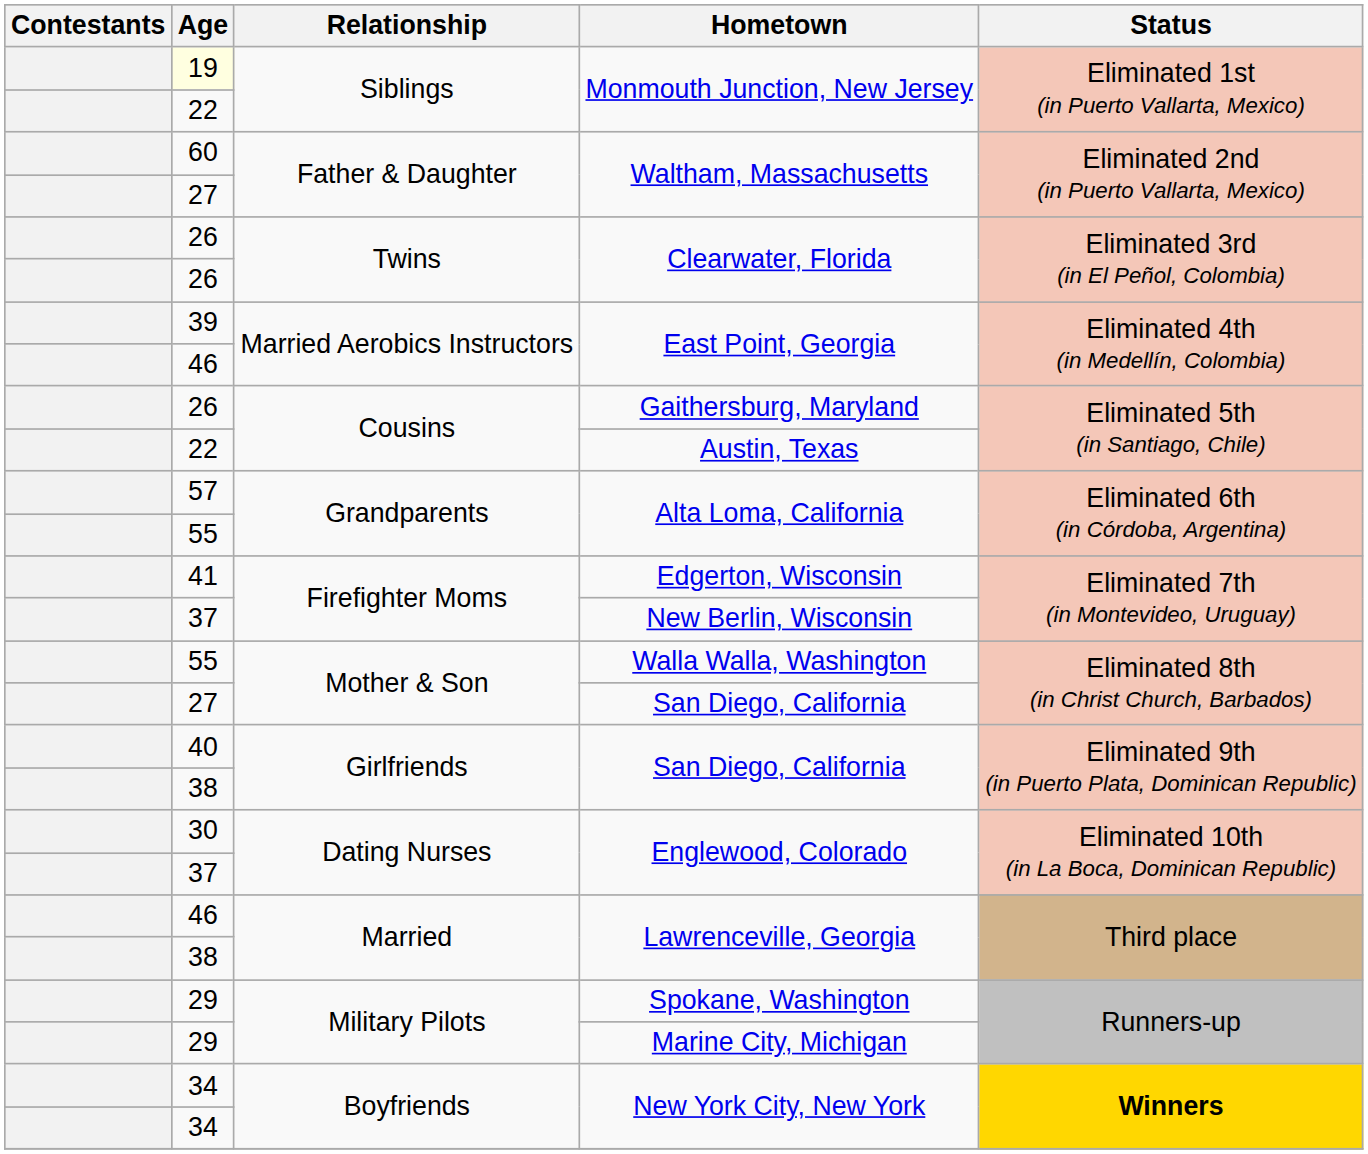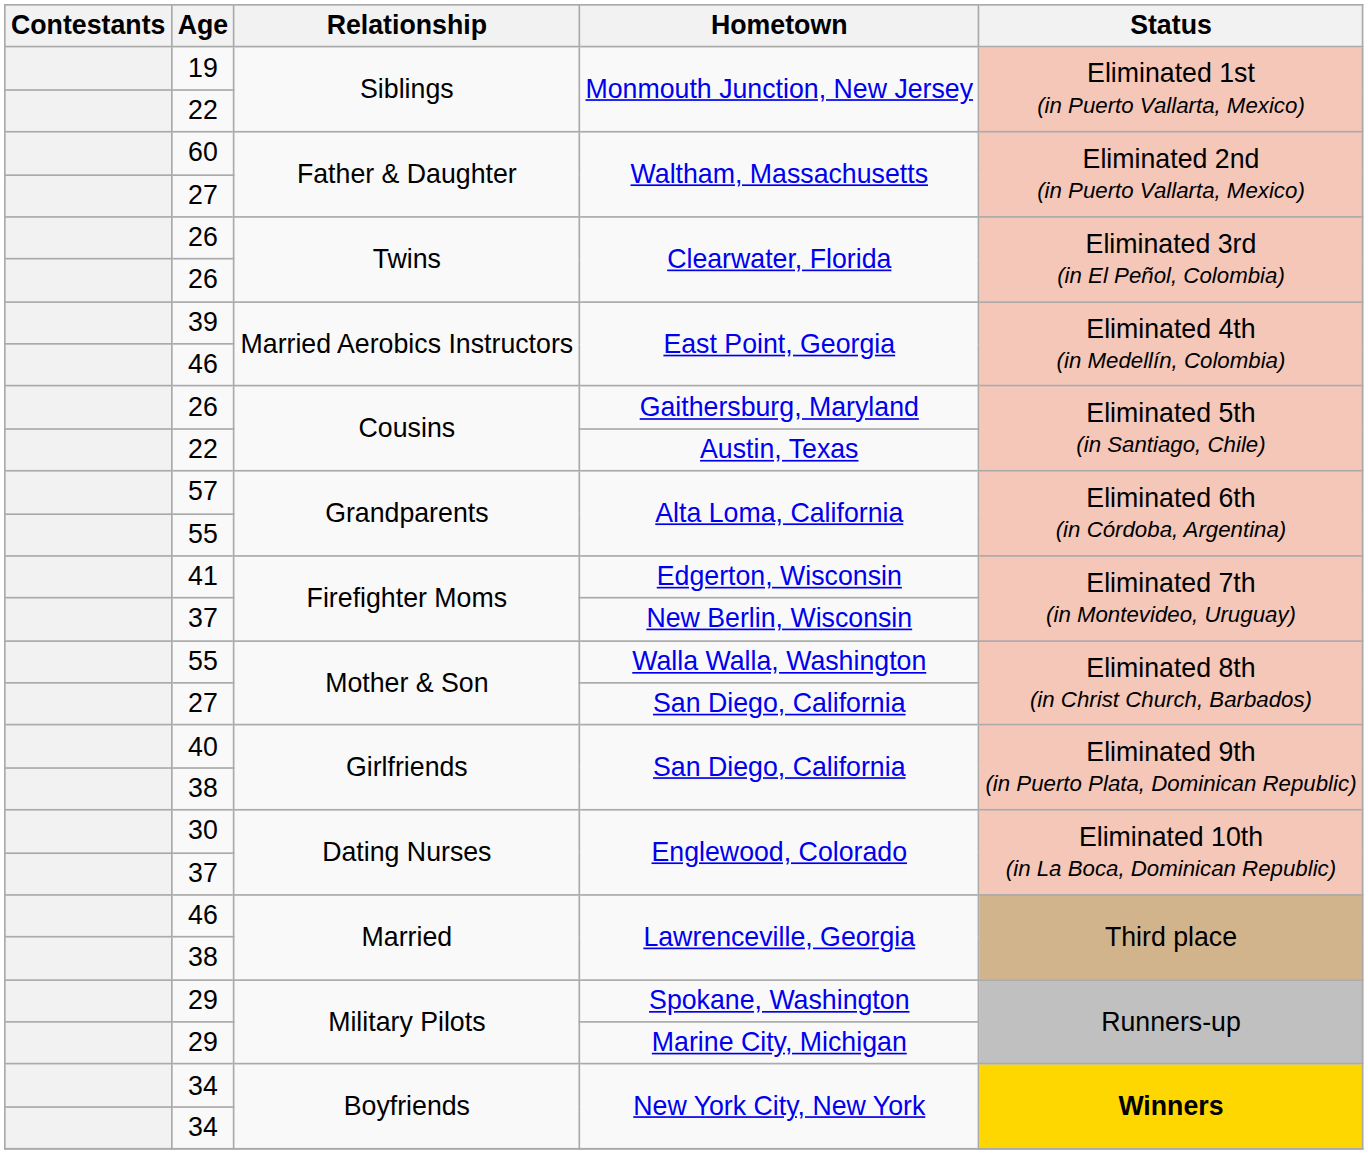 <table class="wikitable sortable" style="text-align:center;">
 <tr>
 <th scope="col">Contestants</th>
 <th scope="col">Age</th>
 <th class="unsortable" scope="col">Relationship</th>
 <th scope="col" class="unsortable">Hometown</th>
 <th scope="col">Status</th>
 </tr>
 <tr>
 <th scope="row"></th>
-<td style="background: lightyellow;">19</td>
+<td>19</td>
 <td rowspan="2">Siblings</td>
 <td rowspan="2"><a href='#'>Monmouth Junction, New Jersey</a></td>
 <td rowspan="2" style="background:#f4c7b8">Eliminated 1st<br><small><em>(in Puerto Vallarta, Mexico)</em></small></td>
 </tr>
 <tr>
 <th scope="row"></th>
 <td>22</td>
 </tr>
 <tr>
 <th scope="row"></th>
 <td>60</td>
 <td rowspan="2">Father & Daughter</td>
 <td rowspan="2"><a href='#'>Waltham, Massachusetts</a></td>
 <td rowspan="2" style="background:#f4c7b8">Eliminated 2nd<br><small><em>(in Puerto Vallarta, Mexico)</em></small></td>
 </tr>
 <tr>
 <th scope="row"></th>
 <td>27</td>
 </tr>
 <tr>
 <th scope="row"></th>
 <td>26</td>
 <td rowspan="2">Twins</td>
 <td rowspan="2"><a href='#'>Clearwater, Florida</a></td>
 <td rowspan="2" style="background:#f4c7b8">Eliminated 3rd<br><small><em>(in El Peñol, Colombia)</em></small></td>
 </tr>
 <tr>
 <th scope="row"></th>
 <td>26</td>
 </tr>
 <tr>
 <th scope="row"></th>
 <td>39</td>
 <td rowspan="2">Married Aerobics Instructors</td>
 <td rowspan="2"><a href='#'>East Point, Georgia</a></td>
 <td rowspan="2" style="background:#f4c7b8">Eliminated 4th<br><small><em>(in Medellín, Colombia)</em></small></td>
 </tr>
 <tr>
 <th scope="row"></th>
 <td>46</td>
 </tr>
 <tr>
 <th scope="row"></th>
 <td>26</td>
 <td rowspan="2">Cousins</td>
 <td><a href='#'>Gaithersburg, Maryland</a></td>
 <td rowspan="2" style="background:#f4c7b8">Eliminated 5th<br><small><em>(in Santiago, Chile)</em></small></td>
 </tr>
 <tr>
 <th scope="row"></th>
 <td>22</td>
 <td><a href='#'>Austin, Texas</a></td>
 </tr>
 <tr>
 <th scope="row"></th>
 <td>57</td>
 <td rowspan="2">Grandparents</td>
 <td rowspan="2"><a href='#'>Alta Loma, California</a></td>
 <td rowspan="2" style="background:#f4c7b8">Eliminated 6th<br><small><em>(in Córdoba, Argentina)</em></small></td>
 </tr>
 <tr>
 <th scope="row"></th>
 <td>55</td>
 </tr>
 <tr>
 <th scope="row"></th>
 <td>41</td>
 <td rowspan="2">Firefighter Moms</td>
 <td><a href='#'>Edgerton, Wisconsin</a></td>
 <td rowspan="2" style="background:#f4c7b8">Eliminated 7th<br><small><em>(in Montevideo, Uruguay)</em></small></td>
 </tr>
 <tr>
 <th scope="row"></th>
 <td>37</td>
 <td><a href='#'>New Berlin, Wisconsin</a></td>
 </tr>
 <tr>
 <th scope="row"></th>
 <td>55</td>
 <td rowspan="2">Mother & Son</td>
 <td><a href='#'>Walla Walla, Washington</a></td>
 <td rowspan="2" style="background:#f4c7b8">Eliminated 8th<br><small><em>(in Christ Church, Barbados)</em></small></td>
 </tr>
 <tr>
 <th scope="row"></th>
 <td>27</td>
 <td><a href='#'>San Diego, California</a></td>
 </tr>
 <tr>
 <th scope="row"></th>
 <td>40</td>
 <td rowspan="2">Girlfriends</td>
 <td rowspan="2"><a href='#'>San Diego, California</a></td>
 <td rowspan="2" style="background:#f4c7b8">Eliminated 9th<br><small><em>(in Puerto Plata, Dominican Republic)</em></small></td>
 </tr>
 <tr>
 <th scope="row"></th>
 <td>38</td>
 </tr>
 <tr>
 <th scope="row"></th>
 <td>30</td>
 <td rowspan="2">Dating Nurses</td>
 <td rowspan="2"><a href='#'>Englewood, Colorado</a></td>
 <td rowspan="2" style="background:#f4c7b8">Eliminated 10th<br><small><em>(in La Boca, Dominican Republic)</em></small></td>
 </tr>
 <tr>
 <th scope="row"></th>
 <td>37</td>
 </tr>
 <tr>
 <th scope="row"></th>
 <td>46</td>
 <td rowspan="2">Married</td>
 <td rowspan="2"><a href='#'>Lawrenceville, Georgia</a></td>
 <td rowspan="2" bgcolor="tan">Third place</td>
 </tr>
 <tr>
 <th scope="row"></th>
 <td>38</td>
 </tr>
 <tr>
 <th scope="row"></th>
 <td>29</td>
 <td rowspan="2">Military Pilots</td>
 <td><a href='#'>Spokane, Washington</a></td>
 <td rowspan="2" bgcolor="silver">Runners-up</td>
 </tr>
 <tr>
 <th scope="row"></th>
 <td>29</td>
 <td><a href='#'>Marine City, Michigan</a></td>
 </tr>
 <tr>
 <th scope="row"></th>
 <td>34</td>
 <td rowspan="2">Boyfriends</td>
 <td rowspan="2"><a href='#'>New York City, New York</a></td>
 <td rowspan="2" bgcolor="gold"><strong>Winners</strong></td>
 </tr>
 <tr>
 <th scope="row"></th>
 <td>34</td>
 </tr>
 <tr>
 </tr>
 </table>
